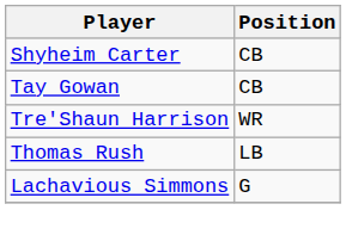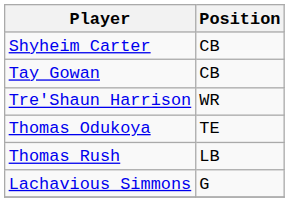 <table class="wikitable sortable">
 <tr>
 <th>Player</th>
 <th>Position</th>
 </tr>
 <tr>
 <td><a href='#'>Shyheim Carter</a></td>
 <td>CB</td>
 </tr>
 <tr>
 <td><a href='#'>Tay Gowan</a></td>
 <td>CB</td>
 </tr>
 <tr>
 <td><a href='#'>Tre'Shaun Harrison</a></td>
 <td>WR</td>
 </tr>
 <tr>
+<td><a href='#'>Thomas Odukoya</a></td>
+<td>TE</td>
+</tr>
+<tr>
 <td><a href='#'>Thomas Rush</a></td>
 <td>LB</td>
 </tr>
 <tr>
 <td><a href='#'>Lachavious Simmons</a></td>
 <td>G</td>
 </tr>
 <tr>
 </tr>
 </table>
